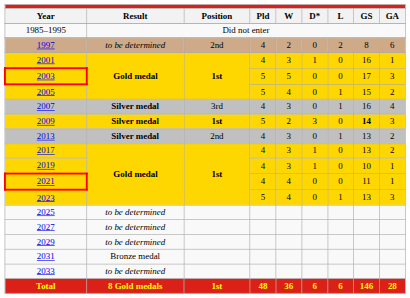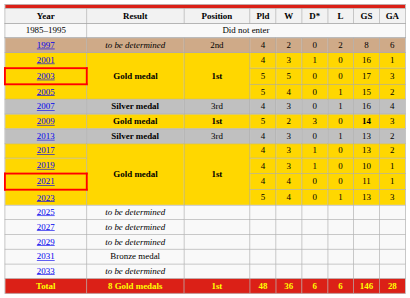 <table class="wikitable" style="text-align: center;font-size:90%;">
 <tr>
 <th colspan="9" style="background: #DB2017; color: #FFFF00;"><a href='#'></a></th>
 </tr>
 <tr>
 <th width=125>Year</th>
 <th width=150>Result</th>
 <th width=100>Position</th>
 <th width=35>Pld</th>
 <th width=35>W</th>
 <th width=35>D*</th>
 <th width=35>L</th>
 <th width=35>GS</th>
 <th width=35>GA</th>
 </tr>
 <tr>
 </tr>
 <tr>
 <td> 1985–1995</td>
 <td colspan=8>Did not enter</td>
 </tr>
 <tr>
 </tr>
 <tr style="background:#CFAA88;">
 <td> <a href='#'>1997</a></td>
 <td><em>to be determined</em></td>
 <td>2nd</td>
 <td>4</td>
 <td>2</td>
 <td>0</td>
 <td>2</td>
 <td>8</td>
 <td>6</td>
 </tr>
 <tr style="background:gold;">
 <td> <a href='#'>2001</a></td>
 <td rowspan=3><strong>Gold medal</strong></td>
 <td rowspan=3><strong>1st</strong></td>
 <td>4</td>
 <td>3</td>
 <td>1</td>
 <td>0</td>
 <td>16</td>
 <td>1</td>
 </tr>
 <tr style="background:gold;">
 <td style="border:3px solid red;"> <a href='#'>2003</a></td>
 <td>5</td>
 <td>5</td>
 <td>0</td>
 <td>0</td>
 <td>17</td>
 <td>3</td>
 </tr>
 <tr style="background:gold;">
 <td> <a href='#'>2005</a></td>
 <td>5</td>
 <td>4</td>
 <td>0</td>
 <td>1</td>
 <td>15</td>
 <td>2</td>
 </tr>
 <tr style="background:silver;">
 <td> <a href='#'>2007</a></td>
 <td><strong>Silver medal</strong></td>
 <td>3rd</td>
 <td>4</td>
 <td>3</td>
 <td>0</td>
 <td>1</td>
 <td>16</td>
 <td>4</td>
 </tr>
 <tr style="background:gold;">
 <td> <a href='#'>2009</a></td>
-<td><strong>Silver medal</strong></td>
+<td><strong>Gold medal</strong></td>
 <td><strong>1st</strong></td>
 <td>5</td>
 <td>2</td>
 <td>3</td>
 <td>0</td>
 <td><strong>14</strong></td>
 <td>3</td>
 </tr>
 <tr style="background:silver;">
 <td> <a href='#'>2013</a></td>
 <td><strong>Silver medal</strong></td>
-<td>2nd</td>
+<td>3rd</td>
 <td>4</td>
 <td>3</td>
 <td>0</td>
 <td>1</td>
 <td>13</td>
 <td>2</td>
 </tr>
 <tr style="background:gold;">
 <td> <a href='#'>2017</a></td>
 <td rowspan=4><strong>Gold medal</strong></td>
 <td rowspan=4><strong>1st</strong></td>
 <td>4</td>
 <td>3</td>
 <td>1</td>
 <td>0</td>
 <td>13</td>
 <td>2</td>
 </tr>
 <tr style="background:gold;">
 <td> <a href='#'>2019</a></td>
 <td>4</td>
 <td>3</td>
 <td>1</td>
 <td>0</td>
 <td>10</td>
 <td>1</td>
 </tr>
 <tr style="background:gold;">
 <td style="border:3px solid red;"> <a href='#'>2021</a></td>
 <td>4</td>
 <td>4</td>
 <td>0</td>
 <td>0</td>
 <td>11</td>
 <td>1</td>
 </tr>
 <tr style="background:gold;">
 <td> <a href='#'>2023</a></td>
 <td>5</td>
 <td>4</td>
 <td>0</td>
 <td>1</td>
 <td>13</td>
 <td>3</td>
 </tr>
 <tr>
 <td> <a href='#'>2025</a></td>
 <td><em>to be determined</em></td>
 <td></td>
 <td></td>
 <td></td>
 <td></td>
 <td></td>
 <td></td>
 <td></td>
 </tr>
 <tr>
 <td> <a href='#'>2027</a></td>
 <td><em>to be determined</em></td>
 <td></td>
 <td></td>
 <td></td>
 <td></td>
 <td></td>
 <td></td>
 <td></td>
 </tr>
 <tr>
 <td> <a href='#'>2029</a></td>
 <td><em>to be determined</em></td>
 <td></td>
 <td></td>
 <td></td>
 <td></td>
 <td></td>
 <td></td>
 <td></td>
 </tr>
 <tr>
 <td> <a href='#'>2031</a></td>
 <td>Bronze medal</td>
 <td></td>
 <td></td>
 <td></td>
 <td></td>
 <td></td>
 <td></td>
 <td></td>
 </tr>
 <tr>
 <td> <a href='#'>2033</a></td>
 <td><em>to be determined</em></td>
 <td></td>
 <td></td>
 <td></td>
 <td></td>
 <td></td>
 <td></td>
 <td></td>
 </tr>
 <tr>
 <td colspan=1 style="background: #DB2017; color: #FFFF00;"><strong>Total</strong></td>
 <td style="background: #DB2017; color: #FFFF00;"><strong>8 Gold medals</strong></td>
 <td style="background: #DB2017; color: #FFFF00;"><strong>1st</strong></td>
 <td style="background: #DB2017; color: #FFFF00;"><strong>48</strong></td>
 <td style="background: #DB2017; color: #FFFF00;"><strong>36</strong></td>
 <td style="background: #DB2017; color: #FFFF00;"><strong>6</strong></td>
 <td style="background: #DB2017; color: #FFFF00;"><strong>6</strong></td>
 <td style="background: #DB2017; color: #FFFF00;"><strong>146</strong></td>
 <td style="background: #DB2017; color: #FFFF00;"><strong>28</strong></td>
 </tr>
 </table>
